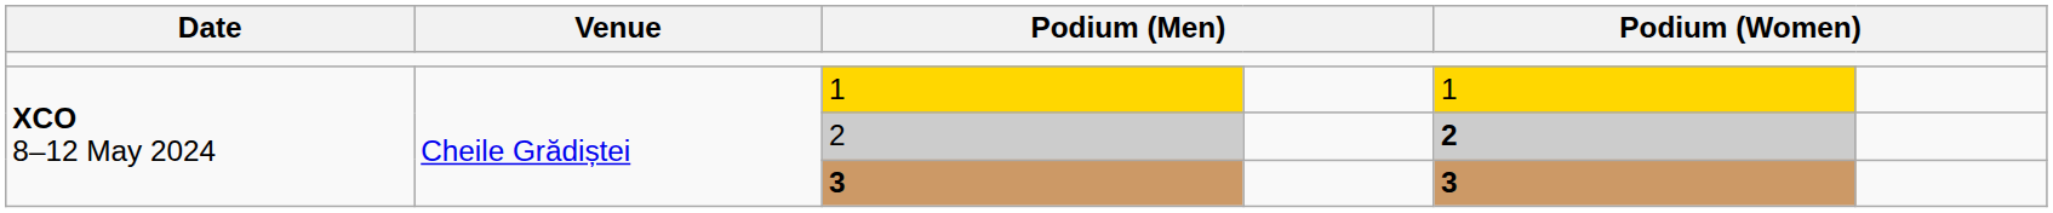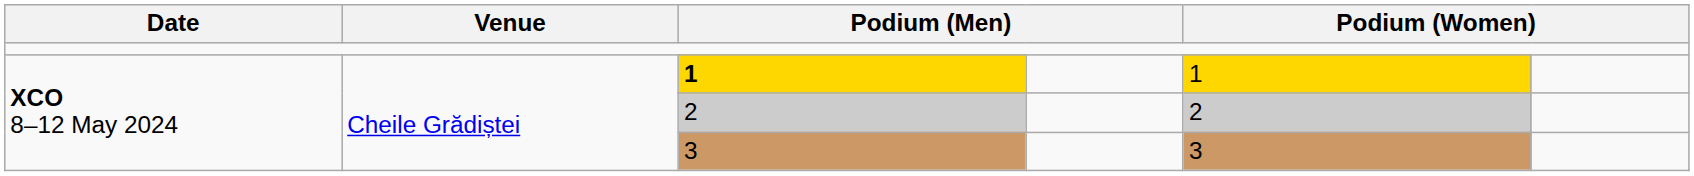 <table class="wikitable" width=70%>
 <tr>
 <th>Date</th>
 <th width=20%>Venue</th>
 <th colspan=2 width=30%>Podium (Men)</th>
 <th colspan=2 width=30%>Podium (Women)</th>
 </tr>
 <tr>
 <td colspan=6></td>
 </tr>
 <tr>
 <td rowspan=3><strong>XCO</strong> <br> 8–12 May 2024</td>
 <td rowspan=3><br><a href='#'>Cheile Grădiștei</a></td>
-<td bgcolor=FFD700>1</td>
+<td bgcolor=FFD700><strong>1</strong></td>
 <td></td>
 <td bgcolor=FFD700>1</td>
 <td></td>
 </tr>
 <tr>
 <td bgcolor=CCCCCC>2</td>
 <td></td>
-<td bgcolor=CCCCCC><strong>2</strong></td>
+<td bgcolor=CCCCCC>2</td>
 <td></td>
 </tr>
 <tr>
-<td bgcolor=CC9966><strong>3</strong></td>
+<td bgcolor=CC9966>3</td>
 <td></td>
-<td bgcolor=CC9966><strong>3</strong></td>
+<td bgcolor=CC9966>3</td>
 <td></td>
 </tr>
 </table>
